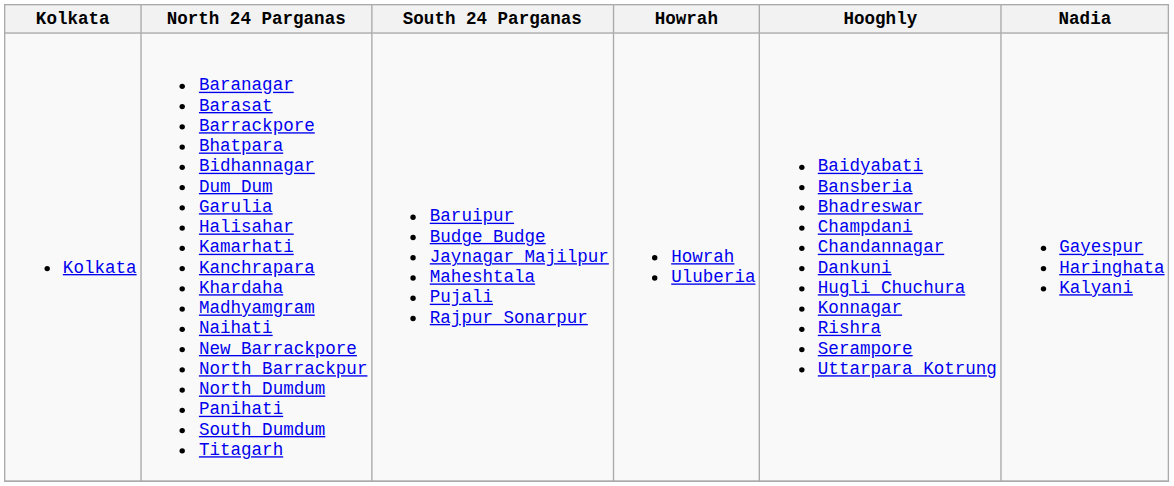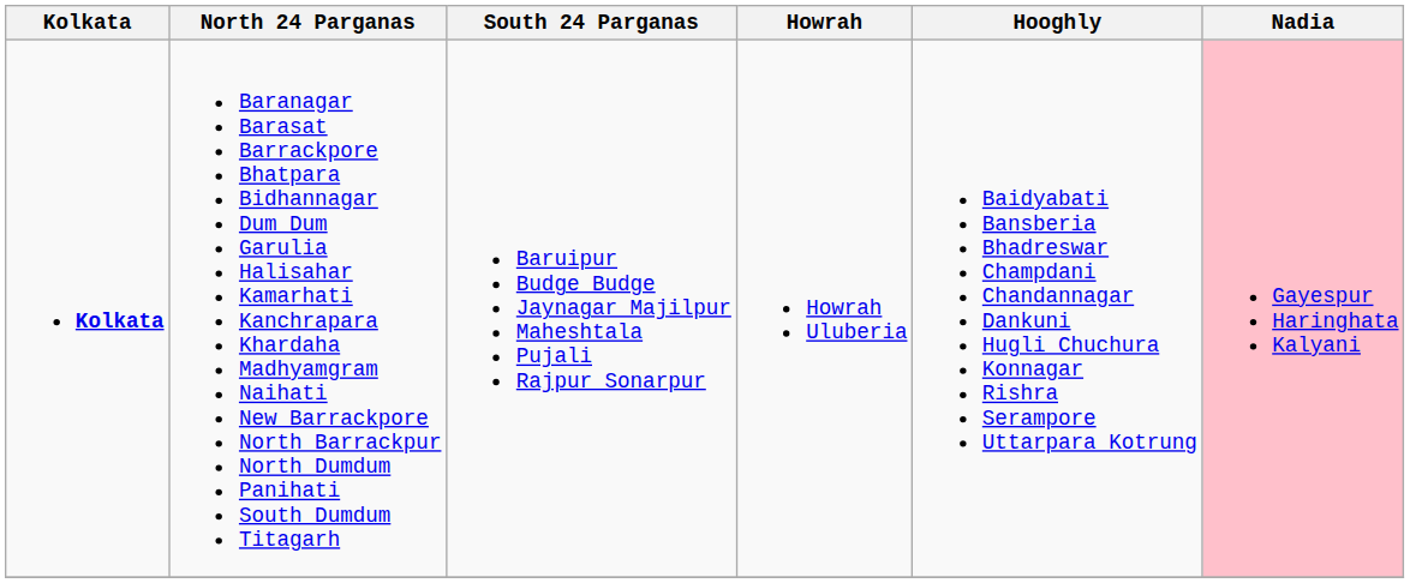 <table class="wikitable" style="text-align: left;">
 <tr>
 <th>Kolkata</th>
 <th>North 24 Parganas</th>
 <th>South 24 Parganas</th>
 <th>Howrah</th>
 <th>Hooghly</th>
 <th>Nadia</th>
 </tr>
 <tr>
-<td><br><ul><li><a href='#'>Kolkata</a></li></ul></td>
+<td><strong><br><ul><li><a href='#'>Kolkata</a></li></ul></strong></td>
 <td><br><ul><li><a href='#'>Baranagar</a></li><li><a href='#'>Barasat</a></li><li><a href='#'>Barrackpore</a></li><li><a href='#'>Bhatpara</a></li><li><a href='#'>Bidhannagar</a></li><li><a href='#'>Dum Dum</a></li><li><a href='#'>Garulia</a></li><li><a href='#'>Halisahar</a></li><li><a href='#'>Kamarhati</a></li><li><a href='#'>Kanchrapara</a></li><li><a href='#'>Khardaha</a></li><li><a href='#'>Madhyamgram</a></li><li><a href='#'>Naihati</a></li><li><a href='#'>New Barrackpore</a></li><li><a href='#'>North Barrackpur</a></li><li><a href='#'>North Dumdum</a></li><li><a href='#'>Panihati</a></li><li><a href='#'>South Dumdum</a></li><li><a href='#'>Titagarh</a></li></ul></td>
 <td><br><ul><li><a href='#'>Baruipur</a></li><li><a href='#'>Budge Budge</a></li><li><a href='#'>Jaynagar Majilpur</a></li><li><a href='#'>Maheshtala</a></li><li><a href='#'>Pujali</a></li><li><a href='#'>Rajpur Sonarpur</a></li></ul></td>
 <td><br><ul><li><a href='#'>Howrah</a></li><li><a href='#'>Uluberia</a></li></ul></td>
 <td><br><ul><li><a href='#'>Baidyabati</a></li><li><a href='#'>Bansberia</a></li><li><a href='#'>Bhadreswar</a></li><li><a href='#'>Champdani</a></li><li><a href='#'>Chandannagar</a></li><li><a href='#'>Dankuni</a></li><li><a href='#'>Hugli Chuchura</a></li><li><a href='#'>Konnagar</a></li><li><a href='#'>Rishra</a></li><li><a href='#'>Serampore</a></li><li><a href='#'>Uttarpara Kotrung</a></li></ul></td>
-<td><br><ul><li><a href='#'>Gayespur</a></li><li><a href='#'>Haringhata</a></li><li><a href='#'>Kalyani</a></li></ul></td>
+<td style="background: pink;"><br><ul><li><a href='#'>Gayespur</a></li><li><a href='#'>Haringhata</a></li><li><a href='#'>Kalyani</a></li></ul></td>
 </tr>
 <tr>
 </tr>
 </table>
